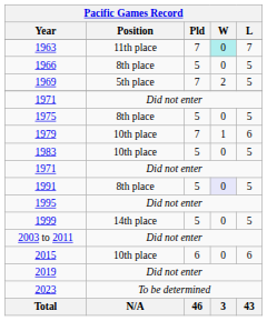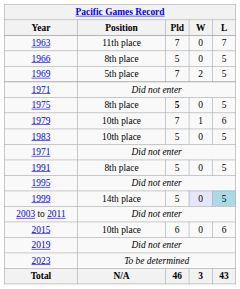 <table class="wikitable collapsible autocollapse" style="text-align: center; font-size:95%;" width=60%>
 <tr>
 <th colspan=5><a href='#'>Pacific Games Record</a></th>
 </tr>
 <tr>
 <th width=25%>Year</th>
 <th width=30%>Position</th>
 <th width=8%>Pld</th>
 <th width=8%>W</th>
 <th width=8%>L</th>
 </tr>
 <tr bgcolor="#cc9966">
 </tr>
 <tr>
 <td> <a href='#'>1963</a></td>
 <td>11th place</td>
 <td>7</td>
-<td style="background: paleturquoise;">0</td>
+<td>0</td>
 <td>7</td>
 </tr>
 <tr>
 <td> <a href='#'>1966</a></td>
 <td>8th place</td>
 <td>5</td>
 <td>0</td>
 <td>5</td>
 </tr>
 <tr>
 <td> <a href='#'>1969</a></td>
 <td>5th place</td>
 <td>7</td>
 <td>2</td>
 <td>5</td>
 </tr>
 <tr>
 </tr>
 <tr>
 <td> <a href='#'>1971</a></td>
 <td colspan=4><em>Did not enter</em></td>
 </tr>
 <tr>
 <td> <a href='#'>1975</a></td>
 <td>8th place</td>
-<td>5</td>
+<td><strong>5</strong></td>
 <td>0</td>
 <td>5</td>
 </tr>
 <tr>
 <td> <a href='#'>1979</a></td>
 <td>10th place</td>
 <td>7</td>
 <td>1</td>
 <td>6</td>
 </tr>
 <tr>
 <td> <a href='#'>1983</a></td>
 <td>10th place</td>
 <td>5</td>
 <td>0</td>
 <td>5</td>
 </tr>
 <tr>
 <td> <a href='#'>1971</a></td>
 <td colspan=4><em>Did not enter</em></td>
 </tr>
 <tr>
 <td> <a href='#'>1991</a></td>
 <td>8th place</td>
 <td>5</td>
-<td style="background: lavender;">0</td>
+<td>0</td>
 <td>5</td>
 </tr>
 <tr>
 <td> <a href='#'>1995</a></td>
 <td colspan=4><em>Did not enter</em></td>
 </tr>
 <tr>
 <td> <a href='#'>1999</a></td>
 <td>14th place</td>
 <td>5</td>
-<td>0</td>
-<td>5</td>
+<td style="background: lavender;">0</td>
+<td style="background: lightblue;">5</td>
 </tr>
 <tr>
 <td><a href='#'>2003</a> to <a href='#'>2011</a></td>
 <td colspan=4><em>Did not enter</em></td>
 </tr>
 <tr>
 <td> <a href='#'>2015</a></td>
 <td>10th place</td>
 <td>6</td>
 <td>0</td>
 <td>6</td>
 </tr>
 <tr>
 <td> <a href='#'>2019</a></td>
 <td colspan=4><em>Did not enter</em></td>
 </tr>
 <tr>
 <td> <a href='#'>2023</a></td>
 <td colspan=4><em>To be determined</em></td>
 </tr>
 <tr>
 <th>Total</th>
 <th>N/A</th>
 <th>46</th>
 <th>3</th>
 <th>43</th>
 </tr>
 </table>
